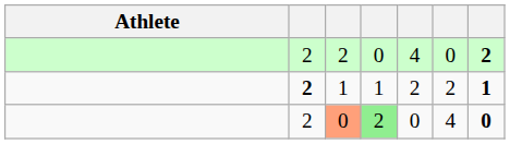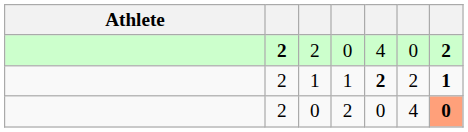 <table class=wikitable style="text-align:center">
 <tr>
 <th width=210>Athlete</th>
 <th width=20></th>
 <th width=20></th>
 <th width=20></th>
 <th width=20></th>
 <th width=20></th>
 <th width=20></th>
 </tr>
 <tr bgcolor=ccffcc>
 <td style="text-align:left"></td>
-<td>2</td>
+<td><strong>2</strong></td>
 <td>2</td>
 <td>0</td>
 <td>4</td>
 <td>0</td>
 <td><strong>2</strong></td>
 </tr>
 <tr>
 <td style="text-align:left"></td>
-<td><strong>2</strong></td>
+<td>2</td>
 <td>1</td>
 <td>1</td>
-<td>2</td>
+<td><strong>2</strong></td>
 <td>2</td>
 <td><strong>1</strong></td>
 </tr>
 <tr>
 <td style="text-align:left"></td>
 <td>2</td>
-<td style="background: lightsalmon;">0</td>
-<td style="background: lightgreen;">2</td>
+<td>0</td>
+<td>2</td>
 <td>0</td>
 <td>4</td>
-<td><strong>0</strong></td>
+<td style="background: lightsalmon;"><strong>0</strong></td>
 </tr>
 </table>
